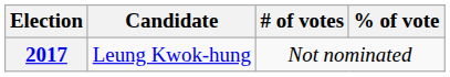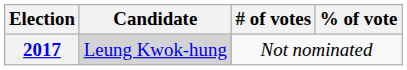 <table class=wikitable style="text-align: right;">
 <tr align=center>
 <th>Election</th>
 <th>Candidate</th>
 <th># of votes</th>
 <th>% of vote</th>
 </tr>
 <tr>
 <th><a href='#'>2017</a></th>
-<td align=left><a href='#'>Leung Kwok-hung</a></td>
+<td align=left style="background: lightgrey;"><a href='#'>Leung Kwok-hung</a></td>
 <td colspan=2 align=center><em>Not nominated</em></td>
 </tr>
 </table>
